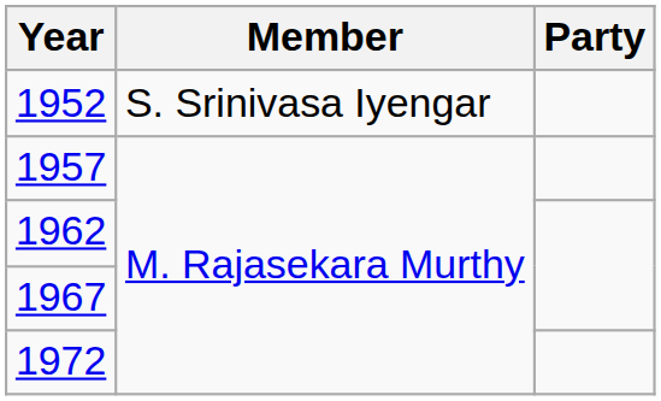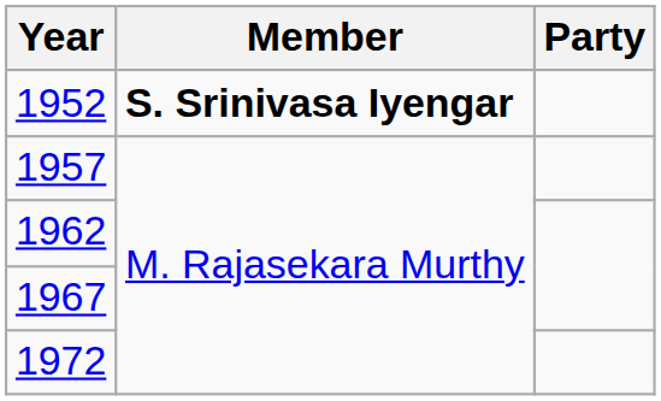 <table class="wikitable sortable">
 <tr>
 <th>Year</th>
 <th>Member</th>
 <th colspan="2">Party</th>
 </tr>
 <tr>
 <td><a href='#'>1952</a></td>
-<td>S. Srinivasa Iyengar</td>
+<td><strong>S. Srinivasa Iyengar</strong></td>
 <td></td>
 </tr>
 <tr>
 <td><a href='#'>1957</a></td>
 <td rowspan=4><a href='#'>M. Rajasekara Murthy</a></td>
 <td></td>
 </tr>
 <tr>
 <td><a href='#'>1962</a></td>
 </tr>
 <tr>
 <td><a href='#'>1967</a></td>
 </tr>
 <tr>
 <td><a href='#'>1972</a></td>
 <td></td>
 </tr>
 </table>
